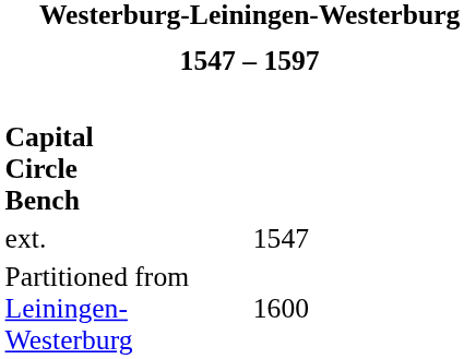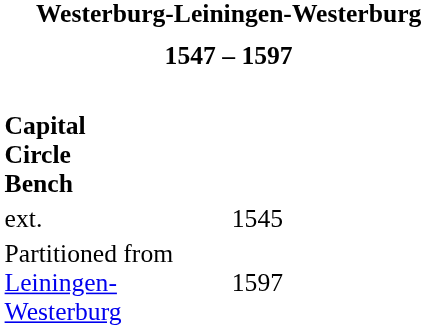 <table align="right" class="toccolours">
 <tr>
 <td colspan=2 align="center"><strong>Westerburg-Leiningen-Westerburg</strong></td>
 </tr>
 <tr>
 <td colspan=2 align="center"></td>
 </tr>
 <tr>
 <td colspan=2 align="center"><strong>1547 – 1597</strong></td>
 </tr>
 <tr>
 <td><br></td>
 </tr>
 <tr>
 <td width=138px><strong>Capital<br>Circle<br>Bench</strong></td>
 <td width=138px><br><br></td>
 </tr>
 <tr>
 <td>ext.</td>
-<td>1547</td>
+<td>1545</td>
 </tr>
 <tr>
 <td>Partitioned from <a href='#'>Leiningen-Westerburg</a></td>
-<td>1600</td>
+<td>1597</td>
 </tr>
 <tr>
 </tr>
 </table>
